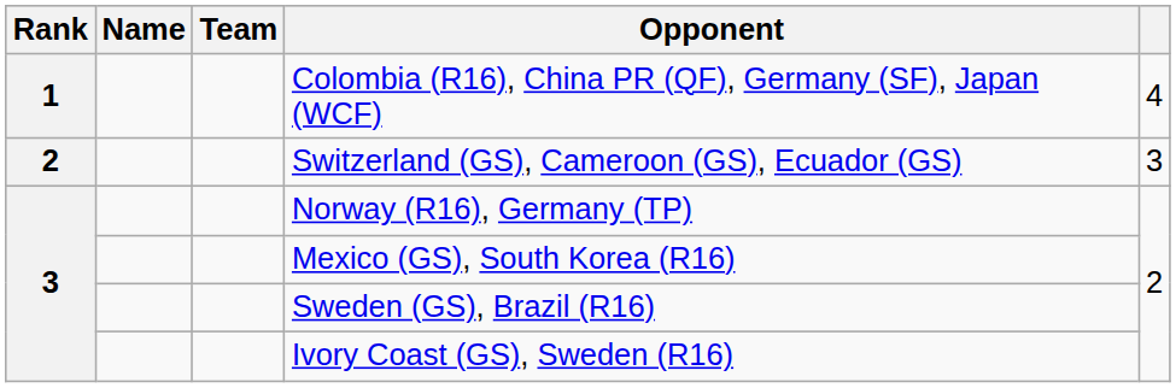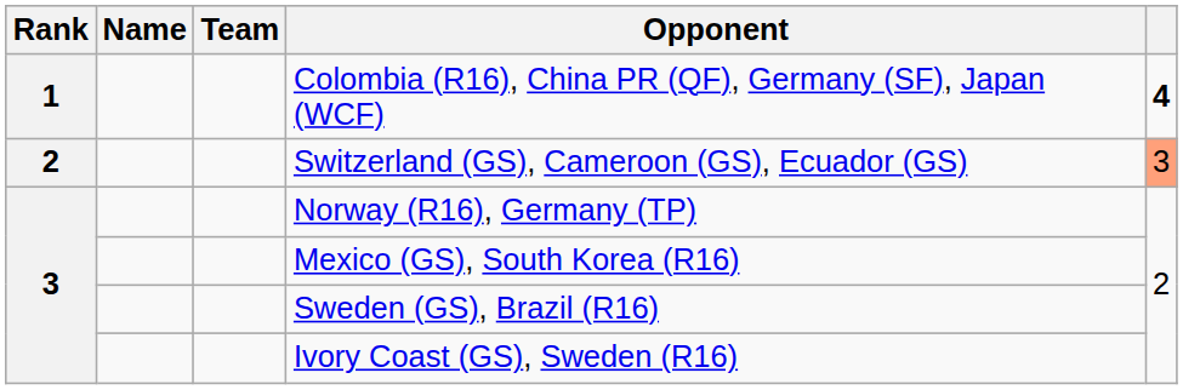 <table class="wikitable sortable">
 <tr>
 <th>Rank</th>
 <th>Name</th>
 <th>Team</th>
 <th class="unsortable">Opponent</th>
 <th></th>
 </tr>
 <tr>
 <th rowspan=1>1</th>
 <td></td>
 <td></td>
 <td><a href='#'>Colombia (R16)</a>, <a href='#'>China PR (QF)</a>, <a href='#'>Germany (SF)</a>, <a href='#'>Japan (WCF)</a></td>
-<td rowspan=1; align="center">4</td>
+<td rowspan=1; align="center"><strong>4</strong></td>
 </tr>
 <tr>
 <th>2</th>
 <td></td>
 <td></td>
 <td><a href='#'>Switzerland (GS)</a>, <a href='#'>Cameroon (GS)</a>, <a href='#'>Ecuador (GS)</a></td>
-<td align="center">3</td>
+<td align="center" style="background: lightsalmon;">3</td>
 </tr>
 <tr>
 <th rowspan=4>3</th>
 <td></td>
 <td></td>
 <td><a href='#'>Norway (R16)</a>, <a href='#'>Germany (TP)</a></td>
 <td rowspan=4; align=center>2</td>
 </tr>
 <tr>
 <td></td>
 <td></td>
 <td><a href='#'>Mexico (GS)</a>, <a href='#'>South Korea (R16)</a></td>
 </tr>
 <tr>
 <td></td>
 <td></td>
 <td><a href='#'>Sweden (GS)</a>, <a href='#'>Brazil (R16)</a></td>
 </tr>
 <tr>
 <td></td>
 <td></td>
 <td><a href='#'>Ivory Coast (GS)</a>, <a href='#'>Sweden (R16)</a></td>
 </tr>
 </table>
